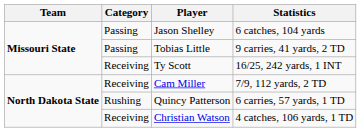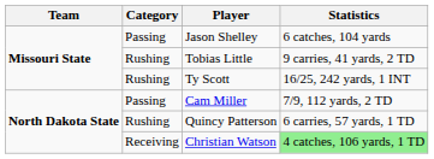 <table class="wikitable" style="float: right;">
 <tr>
 <th>Team</th>
 <th>Category</th>
 <th>Player</th>
 <th>Statistics</th>
 </tr>
 <tr>
 <td rowspan=3><strong>Missouri State</strong></td>
 <td>Passing</td>
 <td>Jason Shelley</td>
 <td>6 catches, 104 yards</td>
 </tr>
 <tr>
-<td>Passing</td>
+<td>Rushing</td>
 <td>Tobias Little</td>
 <td>9 carries, 41 yards, 2 TD</td>
 </tr>
 <tr>
-<td>Receiving</td>
+<td>Rushing</td>
 <td>Ty Scott</td>
 <td>16/25, 242 yards, 1 INT</td>
 </tr>
 <tr>
 <td rowspan=3><strong>North Dakota State</strong></td>
-<td>Receiving</td>
+<td>Passing</td>
 <td><a href='#'>Cam Miller</a></td>
 <td>7/9, 112 yards, 2 TD</td>
 </tr>
 <tr>
 <td>Rushing</td>
 <td>Quincy Patterson</td>
 <td>6 carries, 57 yards, 1 TD</td>
 </tr>
 <tr>
 <td>Receiving</td>
 <td><a href='#'>Christian Watson</a></td>
-<td>4 catches, 106 yards, 1 TD</td>
+<td style="background: lightgreen;">4 catches, 106 yards, 1 TD</td>
 </tr>
 </table>
